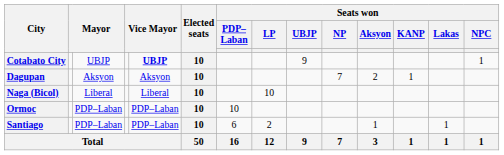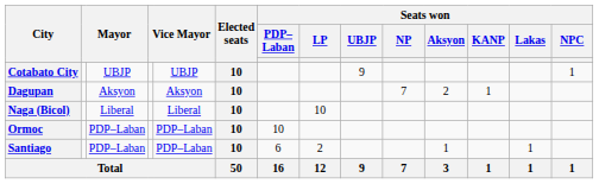 <table class="wikitable" style="text-align:center; font-size: 0.9em;">
 <tr>
 <th rowspan="3">City</th>
 <th colspan="2" rowspan="3" style="width:60px;">Mayor</th>
 <th colspan="2" rowspan="3" style="width:60px;">Vice Mayor</th>
 <th rowspan="3">Elected<br>seats</th>
 <th colspan="8">Seats won</th>
 </tr>
 <tr>
 <th class="unsortable" style="width:45px;"><a href='#'>PDP–Laban</a></th>
 <th class="unsortable" style="width:45px;"><a href='#'>LP</a></th>
 <th class="unsortable" style="width:45px;"><a href='#'>UBJP</a></th>
 <th class="unsortable" style="width:45px;"><a href='#'>NP</a></th>
 <th class="unsortable" style="width:45px;"><a href='#'>Aksyon</a></th>
 <th class="unsortable" style="width:45px;"><a href='#'>KANP</a></th>
 <th class="unsortable" style="width:45px;"><a href='#'>Lakas</a></th>
 <th class="unsortable" style="width:45px;"><a href='#'>NPC</a></th>
 </tr>
 <tr>
 <th style="color:inherit;background:"></th>
 <th style="color:inherit;background:"></th>
 <th style="color:inherit;background:"></th>
 <th style="color:inherit;background:"></th>
 <th style="color:inherit;background:"></th>
 <th style="color:inherit;background:"></th>
 <th style="color:inherit;background:"></th>
 <th style="color:inherit;background:"></th>
 </tr>
 <tr>
 <th style="text-align: left;"><a href='#'>Cotabato City</a></th>
 <td style="color:inherit;background:"></td>
 <td><a href='#'>UBJP</a></td>
 <td style="color:inherit;background:"></td>
-<td><strong><a href='#'>UBJP</a></strong></td>
+<td><a href='#'>UBJP</a></td>
 <th>10</th>
 <td></td>
 <td></td>
 <td>9</td>
 <td></td>
 <td></td>
 <td></td>
 <td></td>
 <td>1</td>
 </tr>
 <tr>
 <th style="text-align: left;"><a href='#'>Dagupan</a></th>
 <td style="color:inherit;background:"></td>
 <td><a href='#'>Aksyon</a></td>
 <td style="color:inherit;background:"></td>
 <td><a href='#'>Aksyon</a></td>
 <th>10</th>
 <td></td>
 <td></td>
 <td></td>
 <td>7</td>
 <td>2</td>
 <td>1</td>
 <td></td>
 <td></td>
 </tr>
 <tr>
 <th style="text-align: left;"><a href='#'>Naga (Bicol)</a></th>
 <td style="color:inherit;background:"></td>
 <td><a href='#'>Liberal</a></td>
 <td style="color:inherit;background:"></td>
 <td><a href='#'>Liberal</a></td>
 <th>10</th>
 <td></td>
 <td>10</td>
 <td></td>
 <td></td>
 <td></td>
 <td></td>
 <td></td>
 <td></td>
 </tr>
 <tr>
 <th style="text-align: left;"><a href='#'>Ormoc</a></th>
 <td style="color:inherit;background:"></td>
 <td><a href='#'>PDP–Laban</a></td>
 <td style="color:inherit;background:"></td>
 <td><a href='#'>PDP–Laban</a></td>
 <th>10</th>
 <td>10</td>
 <td></td>
 <td></td>
 <td></td>
 <td></td>
 <td></td>
 <td></td>
 <td></td>
 </tr>
 <tr>
 <th style="text-align: left;"><a href='#'>Santiago</a></th>
 <td style="color:inherit;background:"></td>
 <td><a href='#'>PDP–Laban</a></td>
 <td style="color:inherit;background:"></td>
 <td><a href='#'>PDP–Laban</a></td>
 <th>10</th>
 <td>6</td>
 <td>2</td>
 <td></td>
 <td></td>
 <td>1</td>
 <td></td>
 <td>1</td>
 <td></td>
 </tr>
 <tr>
 <th colspan="5">Total</th>
 <th>50</th>
 <th>16</th>
 <th>12</th>
 <th>9</th>
 <th>7</th>
 <th>3</th>
 <th>1</th>
 <th>1</th>
 <th>1</th>
 </tr>
 </table>
